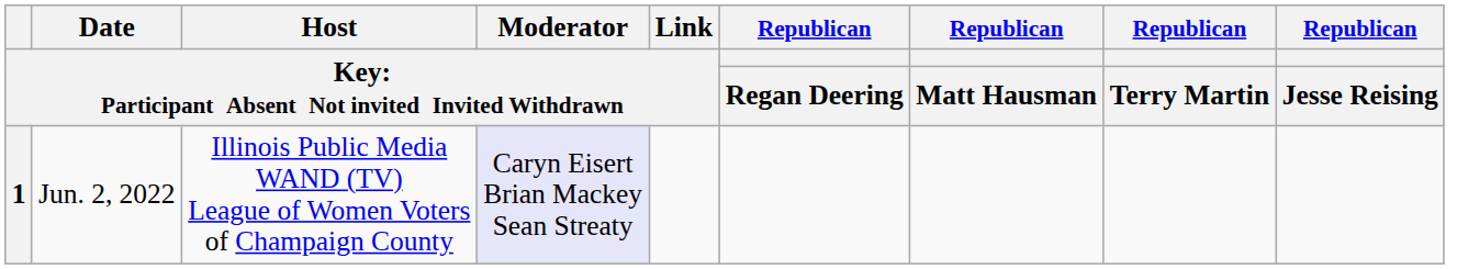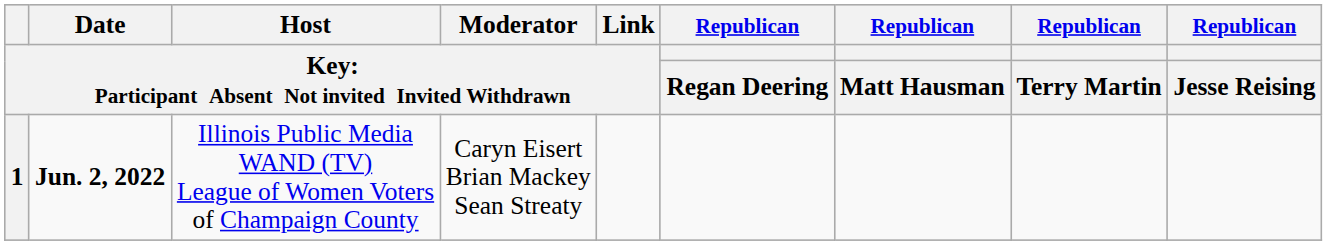 <table class="wikitable" style="text-align:center;">
 <tr>
 <th scope="col"></th>
 <th scope="col">Date</th>
 <th scope="col">Host</th>
 <th scope="col">Moderator</th>
 <th scope="col">Link</th>
 <th scope="col"><small><a href='#'>Republican</a></small></th>
 <th scope="col"><small><a href='#'>Republican</a></small></th>
 <th scope="col"><small><a href='#'>Republican</a></small></th>
 <th scope="col"><small><a href='#'>Republican</a></small></th>
 </tr>
 <tr>
 <th colspan="5" rowspan="2">Key:<br> <small>Participant </small>  <small>Absent </small>  <small>Not invited </small>  <small>Invited  Withdrawn</small></th>
 <th scope="col" style="background:"></th>
 <th scope="col" style="background:"></th>
 <th scope="col" style="background:"></th>
 <th scope="col" style="background:"></th>
 </tr>
 <tr>
 <th scope="col">Regan Deering</th>
 <th scope="col">Matt Hausman</th>
 <th scope="col">Terry Martin</th>
 <th scope="col">Jesse Reising</th>
 </tr>
 <tr>
 <th>1</th>
-<td style="white-space:nowrap;">Jun. 2, 2022</td>
+<td style="white-space:nowrap;"><strong>Jun. 2, 2022</strong></td>
 <td style="white-space:nowrap;"><a href='#'>Illinois Public Media</a><br><a href='#'>WAND (TV)</a><br><a href='#'>League of Women Voters</a><br>of <a href='#'>Champaign County</a></td>
-<td style="background: lavender; white-space:nowrap;">Caryn Eisert<br>Brian Mackey<br>Sean Streaty<br></td>
+<td style="white-space:nowrap;">Caryn Eisert<br>Brian Mackey<br>Sean Streaty<br></td>
 <td style="white-space:nowrap;"></td>
 <td></td>
 <td></td>
 <td></td>
 <td></td>
 </tr>
 </table>
